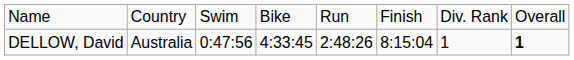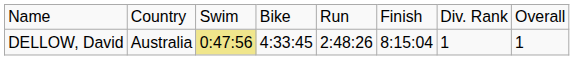 <table class="wikitable">
 <tr>
 <td>Name</td>
 <td>Country</td>
 <td>Swim</td>
 <td>Bike</td>
 <td>Run</td>
 <td>Finish</td>
 <td>Div. Rank</td>
 <td>Overall</td>
 </tr>
 <tr>
 <td>DELLOW, David</td>
 <td>Australia</td>
-<td>0:47:56</td>
+<td style="background: khaki;">0:47:56</td>
 <td>4:33:45</td>
 <td>2:48:26</td>
 <td>8:15:04</td>
 <td>1</td>
-<td><strong>1</strong></td>
+<td>1</td>
 </tr>
 </table>
